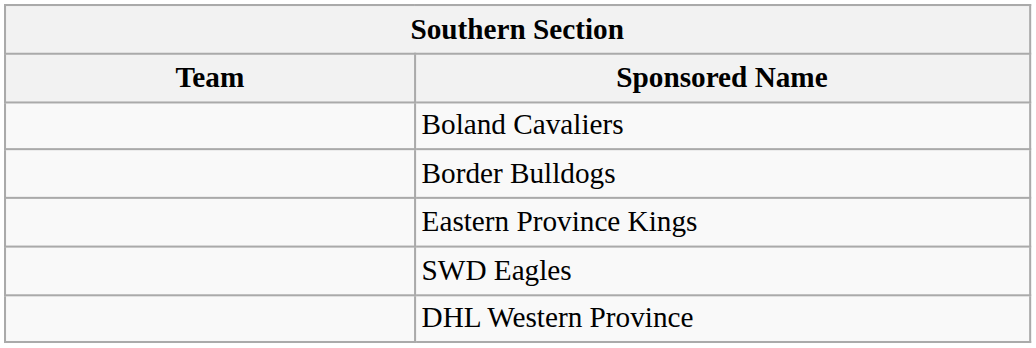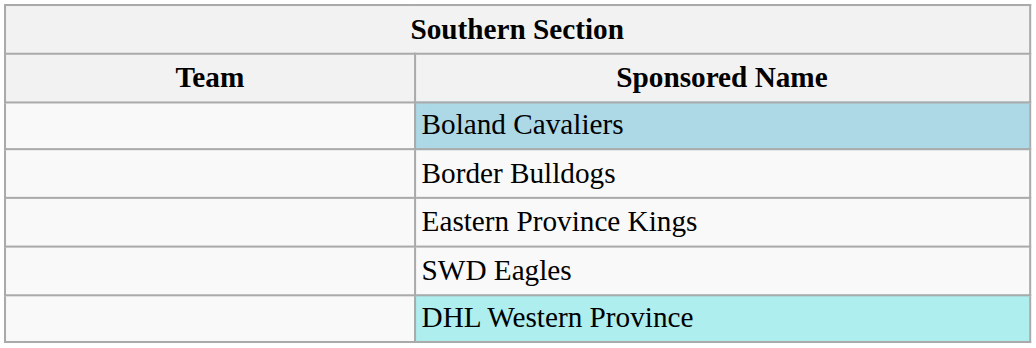 <table class="wikitable collapsible sortable" style="text-align:left; font-size:90%; width:40%;">
 <tr>
 <th colspan="100%" align=center>Southern Section</th>
 </tr>
 <tr>
 <th width="40%">Team</th>
 <th width="60%">Sponsored Name</th>
 </tr>
 <tr>
 <td></td>
-<td>Boland Cavaliers</td>
+<td style="background: lightblue;">Boland Cavaliers</td>
 </tr>
 <tr>
 <td></td>
 <td>Border Bulldogs</td>
 </tr>
 <tr>
 <td></td>
 <td>Eastern Province Kings</td>
 </tr>
 <tr>
 <td></td>
 <td>SWD Eagles</td>
 </tr>
 <tr>
 <td></td>
-<td>DHL Western Province</td>
+<td style="background: paleturquoise;">DHL Western Province</td>
 </tr>
 </table>
